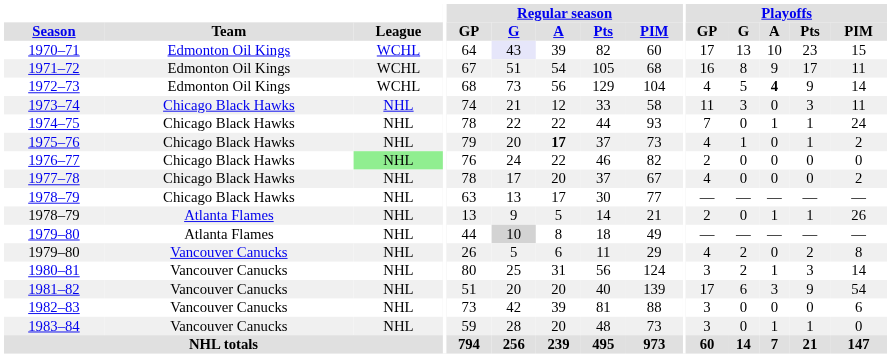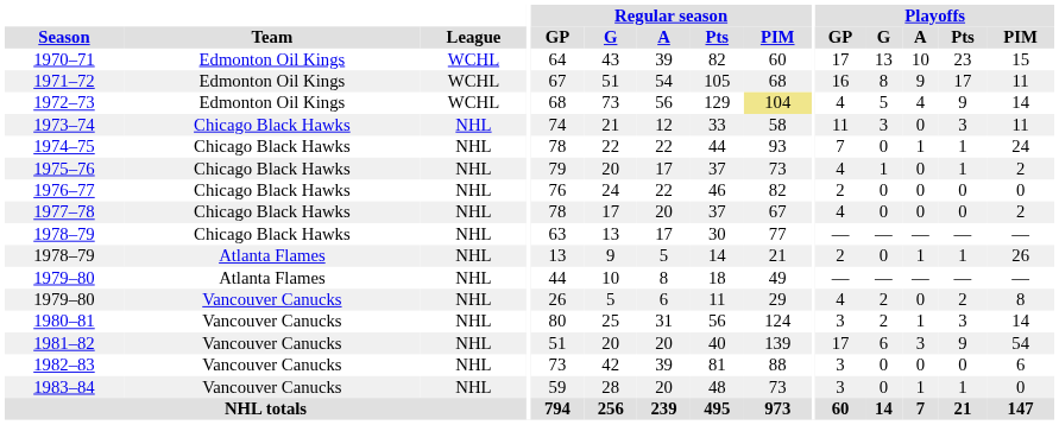 <table border="0" cellpadding="1" cellspacing="0" style="text-align:center; width:60em">
 <tr bgcolor="#e0e0e0">
 <th colspan="3" bgcolor="#ffffff"></th>
 <th rowspan="99" bgcolor="#ffffff"></th>
 <th colspan="5"><a href='#'>Regular season</a></th>
 <th rowspan="99" bgcolor="#ffffff"></th>
 <th colspan="5"><a href='#'>Playoffs</a></th>
 </tr>
 <tr bgcolor="#e0e0e0">
 <th><a href='#'>Season</a></th>
 <th>Team</th>
 <th>League</th>
 <th>GP</th>
 <th><a href='#'>G</a></th>
 <th><a href='#'>A</a></th>
 <th><a href='#'>Pts</a></th>
 <th><a href='#'>PIM</a></th>
 <th>GP</th>
 <th>G</th>
 <th>A</th>
 <th>Pts</th>
 <th>PIM</th>
 </tr>
 <tr>
 <td><a href='#'>1970–71</a></td>
 <td><a href='#'>Edmonton Oil Kings</a></td>
 <td><a href='#'>WCHL</a></td>
 <td>64</td>
-<td style="background: lavender;">43</td>
+<td>43</td>
 <td>39</td>
 <td>82</td>
 <td>60</td>
 <td>17</td>
 <td>13</td>
 <td>10</td>
 <td>23</td>
 <td>15</td>
 </tr>
 <tr style="background-color:#f0f0f0;">
 <td><a href='#'>1971–72</a></td>
 <td>Edmonton Oil Kings</td>
 <td>WCHL</td>
 <td>67</td>
 <td>51</td>
 <td>54</td>
 <td>105</td>
 <td>68</td>
 <td>16</td>
 <td>8</td>
 <td>9</td>
 <td>17</td>
 <td>11</td>
 </tr>
 <tr>
 <td><a href='#'>1972–73</a></td>
 <td>Edmonton Oil Kings</td>
 <td>WCHL</td>
 <td>68</td>
 <td>73</td>
 <td>56</td>
 <td>129</td>
-<td>104</td>
+<td style="background: khaki;">104</td>
 <td>4</td>
 <td>5</td>
-<td><strong>4</strong></td>
+<td>4</td>
 <td>9</td>
 <td>14</td>
 </tr>
 <tr style="background-color:#f0f0f0;">
 <td><a href='#'>1973–74</a></td>
 <td><a href='#'>Chicago Black Hawks</a></td>
 <td><a href='#'>NHL</a></td>
 <td>74</td>
 <td>21</td>
 <td>12</td>
 <td>33</td>
 <td>58</td>
 <td>11</td>
 <td>3</td>
 <td>0</td>
 <td>3</td>
 <td>11</td>
 </tr>
 <tr>
 <td><a href='#'>1974–75</a></td>
 <td>Chicago Black Hawks</td>
 <td>NHL</td>
 <td>78</td>
 <td>22</td>
 <td>22</td>
 <td>44</td>
 <td>93</td>
 <td>7</td>
 <td>0</td>
 <td>1</td>
 <td>1</td>
 <td>24</td>
 </tr>
 <tr style="background-color:#f0f0f0;">
 <td><a href='#'>1975–76</a></td>
 <td>Chicago Black Hawks</td>
 <td>NHL</td>
 <td>79</td>
 <td>20</td>
-<td><strong>17</strong></td>
+<td>17</td>
 <td>37</td>
 <td>73</td>
 <td>4</td>
 <td>1</td>
 <td>0</td>
 <td>1</td>
 <td>2</td>
 </tr>
 <tr>
 <td><a href='#'>1976–77</a></td>
 <td>Chicago Black Hawks</td>
-<td style="background: lightgreen;">NHL</td>
+<td>NHL</td>
 <td>76</td>
 <td>24</td>
 <td>22</td>
 <td>46</td>
 <td>82</td>
 <td>2</td>
 <td>0</td>
 <td>0</td>
 <td>0</td>
 <td>0</td>
 </tr>
 <tr style="background-color:#f0f0f0;">
 <td><a href='#'>1977–78</a></td>
 <td>Chicago Black Hawks</td>
 <td>NHL</td>
 <td>78</td>
 <td>17</td>
 <td>20</td>
 <td>37</td>
 <td>67</td>
 <td>4</td>
 <td>0</td>
 <td>0</td>
 <td>0</td>
 <td>2</td>
 </tr>
 <tr>
 <td><a href='#'>1978–79</a></td>
 <td>Chicago Black Hawks</td>
 <td>NHL</td>
 <td>63</td>
 <td>13</td>
 <td>17</td>
 <td>30</td>
 <td>77</td>
 <td>—</td>
 <td>—</td>
 <td>—</td>
 <td>—</td>
 <td>—</td>
 </tr>
 <tr style="background-color:#f0f0f0;">
 <td>1978–79</td>
 <td><a href='#'>Atlanta Flames</a></td>
 <td>NHL</td>
 <td>13</td>
 <td>9</td>
 <td>5</td>
 <td>14</td>
 <td>21</td>
 <td>2</td>
 <td>0</td>
 <td>1</td>
 <td>1</td>
 <td>26</td>
 </tr>
 <tr>
 <td><a href='#'>1979–80</a></td>
 <td>Atlanta Flames</td>
 <td>NHL</td>
 <td>44</td>
-<td style="background: lightgrey;">10</td>
+<td>10</td>
 <td>8</td>
 <td>18</td>
 <td>49</td>
 <td>—</td>
 <td>—</td>
 <td>—</td>
 <td>—</td>
 <td>—</td>
 </tr>
 <tr style="background-color:#f0f0f0;">
 <td>1979–80</td>
 <td><a href='#'>Vancouver Canucks</a></td>
 <td>NHL</td>
 <td>26</td>
 <td>5</td>
 <td>6</td>
 <td>11</td>
 <td>29</td>
 <td>4</td>
 <td>2</td>
 <td>0</td>
 <td>2</td>
 <td>8</td>
 </tr>
 <tr>
 <td><a href='#'>1980–81</a></td>
 <td>Vancouver Canucks</td>
 <td>NHL</td>
 <td>80</td>
 <td>25</td>
 <td>31</td>
 <td>56</td>
 <td>124</td>
 <td>3</td>
 <td>2</td>
 <td>1</td>
 <td>3</td>
 <td>14</td>
 </tr>
 <tr style="background-color:#f0f0f0;">
 <td><a href='#'>1981–82</a></td>
 <td>Vancouver Canucks</td>
 <td>NHL</td>
 <td>51</td>
 <td>20</td>
 <td>20</td>
 <td>40</td>
 <td>139</td>
 <td>17</td>
 <td>6</td>
 <td>3</td>
 <td>9</td>
 <td>54</td>
 </tr>
 <tr>
 <td><a href='#'>1982–83</a></td>
 <td>Vancouver Canucks</td>
 <td>NHL</td>
 <td>73</td>
 <td>42</td>
 <td>39</td>
 <td>81</td>
 <td>88</td>
 <td>3</td>
 <td>0</td>
 <td>0</td>
 <td>0</td>
 <td>6</td>
 </tr>
 <tr style="background-color:#f0f0f0;">
 <td><a href='#'>1983–84</a></td>
 <td>Vancouver Canucks</td>
 <td>NHL</td>
 <td>59</td>
 <td>28</td>
 <td>20</td>
 <td>48</td>
 <td>73</td>
 <td>3</td>
 <td>0</td>
 <td>1</td>
 <td>1</td>
 <td>0</td>
 </tr>
 <tr style="background-color:#e0e0e0;">
 <th colspan="3">NHL totals</th>
 <th>794</th>
 <th>256</th>
 <th>239</th>
 <th>495</th>
 <th>973</th>
 <th>60</th>
 <th>14</th>
 <th>7</th>
 <th>21</th>
 <th>147</th>
 </tr>
 </table>
